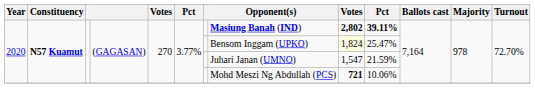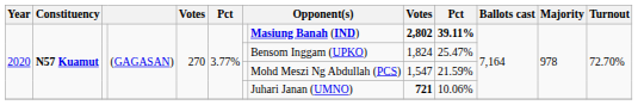 <table class="wikitable" style="margin:0.5em ; font-size:95%">
 <tr>
 <th>Year</th>
 <th>Constituency</th>
 <th colspan=2></th>
 <th>Votes</th>
 <th>Pct</th>
 <th colspan=2>Opponent(s)</th>
 <th>Votes</th>
 <th>Pct</th>
 <th>Ballots cast</th>
 <th>Majority</th>
 <th>Turnout</th>
 </tr>
 <tr>
 <td rowspan=4><a href='#'>2020</a></td>
 <td rowspan=4><strong>N57 <a href='#'>Kuamut</a></strong></td>
 <td rowspan=4 ></td>
 <td rowspan=4> (<a href='#'>GAGASAN</a>)</td>
 <td rowspan=4 align="right">270</td>
 <td rowspan=4>3.77%</td>
 <td bgcolor=></td>
 <td><strong><a href='#'>Masiung Banah</a></strong> (<a href='#'><strong>IND</strong></a>)</td>
 <td align="right"><strong>2,802</strong></td>
 <td><strong>39.11%</strong></td>
 <td rowspan=4>7,164</td>
 <td rowspan=4>978</td>
 <td rowspan=4>72.70%</td>
 </tr>
 <tr>
 <td></td>
 <td>Bensom Inggam (<a href='#'>UPKO</a>)</td>
-<td align="right" style="background: lightyellow;">1,824</td>
+<td align="right">1,824</td>
 <td>25.47%</td>
 </tr>
 <tr>
 <td></td>
-<td>Juhari Janan (<a href='#'>UMNO</a>)</td>
+<td>Mohd Meszi Ng Abdullah (<a href='#'>PCS</a>)</td>
 <td align="right">1,547</td>
 <td>21.59%</td>
 </tr>
 <tr>
 <td></td>
-<td>Mohd Meszi Ng Abdullah (<a href='#'>PCS</a>)</td>
+<td>Juhari Janan (<a href='#'>UMNO</a>)</td>
 <td align="right"><strong>721</strong></td>
 <td>10.06%</td>
 </tr>
 <tr>
 </tr>
 </table>
